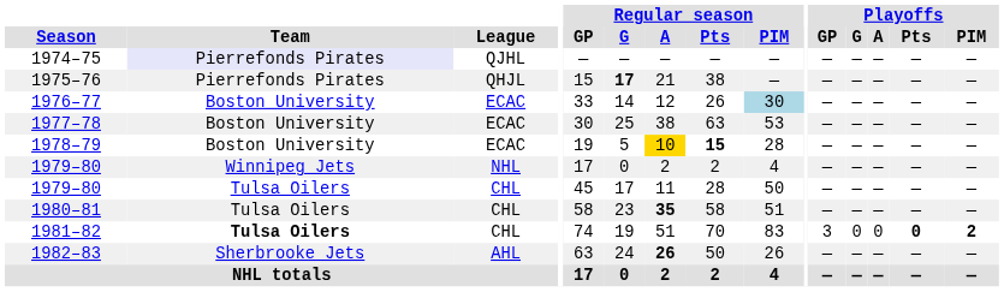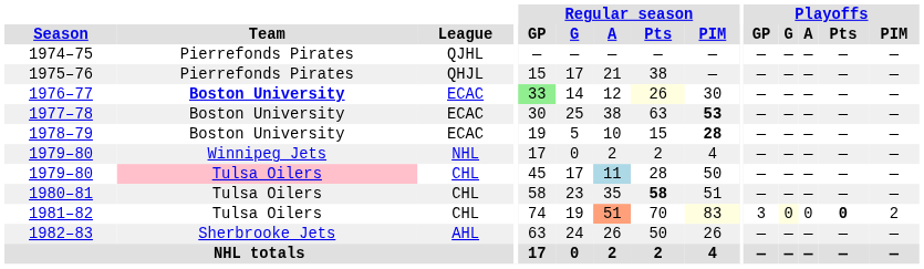 <table border="0" cellpadding="1" cellspacing="0" style="text-align:center; width:60em">
 <tr bgcolor="#e0e0e0">
 <th colspan="3" bgcolor="#ffffff"></th>
 <th rowspan="100" bgcolor="#ffffff"></th>
 <th colspan="5"><a href='#'>Regular season</a></th>
 <th rowspan="100" bgcolor="#ffffff"></th>
 <th colspan="5"><a href='#'>Playoffs</a></th>
 </tr>
 <tr bgcolor="#e0e0e0">
 <th><a href='#'>Season</a></th>
 <th>Team</th>
 <th>League</th>
 <th>GP</th>
 <th><a href='#'>G</a></th>
 <th><a href='#'>A</a></th>
 <th><a href='#'>Pts</a></th>
 <th><a href='#'>PIM</a></th>
 <th>GP</th>
 <th>G</th>
 <th>A</th>
 <th>Pts</th>
 <th>PIM</th>
 </tr>
 <tr>
 <td>1974–75</td>
-<td style="background: lavender;">Pierrefonds Pirates</td>
+<td>Pierrefonds Pirates</td>
 <td>QJHL</td>
 <td>—</td>
 <td>—</td>
 <td>—</td>
 <td>—</td>
 <td>—</td>
 <td>—</td>
 <td>—</td>
 <td>—</td>
 <td>—</td>
 <td>—</td>
 </tr>
 <tr bgcolor="#f0f0f0">
 <td>1975–76</td>
 <td>Pierrefonds Pirates</td>
 <td>QHJL</td>
 <td>15</td>
-<td><strong>17</strong></td>
+<td>17</td>
 <td>21</td>
 <td>38</td>
 <td>—</td>
 <td>—</td>
 <td>—</td>
 <td>—</td>
 <td>—</td>
 <td>—</td>
 </tr>
 <tr>
 <td><a href='#'>1976–77</a></td>
-<td><a href='#'>Boston University</a></td>
+<td><strong><a href='#'>Boston University</a></strong></td>
 <td><a href='#'>ECAC</a></td>
-<td>33</td>
+<td style="background: lightgreen;">33</td>
 <td>14</td>
 <td>12</td>
-<td>26</td>
-<td style="background: lightblue;">30</td>
+<td style="background: lightyellow;">26</td>
+<td>30</td>
 <td>—</td>
 <td>—</td>
 <td>—</td>
 <td>—</td>
 <td>—</td>
 </tr>
 <tr bgcolor="#f0f0f0">
 <td><a href='#'>1977–78</a></td>
 <td>Boston University</td>
 <td>ECAC</td>
 <td>30</td>
 <td>25</td>
 <td>38</td>
 <td>63</td>
-<td>53</td>
+<td><strong>53</strong></td>
 <td>—</td>
 <td>—</td>
 <td>—</td>
 <td>—</td>
 <td>—</td>
 </tr>
 <tr>
 <td><a href='#'>1978–79</a></td>
 <td>Boston University</td>
 <td>ECAC</td>
 <td>19</td>
 <td>5</td>
-<td style="background: gold;">10</td>
-<td><strong>15</strong></td>
-<td>28</td>
+<td>10</td>
+<td>15</td>
+<td><strong>28</strong></td>
 <td>—</td>
 <td>—</td>
 <td>—</td>
 <td>—</td>
 <td>—</td>
 </tr>
 <tr bgcolor="#f0f0f0">
 <td><a href='#'>1979–80</a></td>
 <td><a href='#'>Winnipeg Jets</a></td>
 <td><a href='#'>NHL</a></td>
 <td>17</td>
 <td>0</td>
 <td>2</td>
 <td>2</td>
 <td>4</td>
 <td>—</td>
 <td>—</td>
 <td>—</td>
 <td>—</td>
 <td>—</td>
 </tr>
 <tr>
 <td><a href='#'>1979–80</a></td>
-<td><a href='#'>Tulsa Oilers</a></td>
+<td style="background: pink;"><a href='#'>Tulsa Oilers</a></td>
 <td><a href='#'>CHL</a></td>
 <td>45</td>
 <td>17</td>
-<td>11</td>
+<td style="background: lightblue;">11</td>
 <td>28</td>
 <td>50</td>
 <td>—</td>
 <td>—</td>
 <td>—</td>
 <td>—</td>
 <td>—</td>
 </tr>
 <tr bgcolor="#f0f0f0">
 <td><a href='#'>1980–81</a></td>
 <td>Tulsa Oilers</td>
 <td>CHL</td>
 <td>58</td>
 <td>23</td>
-<td><strong>35</strong></td>
-<td>58</td>
+<td>35</td>
+<td><strong>58</strong></td>
 <td>51</td>
 <td>—</td>
 <td>—</td>
 <td>—</td>
 <td>—</td>
 <td>—</td>
 </tr>
 <tr>
 <td><a href='#'>1981–82</a></td>
-<td><strong>Tulsa Oilers</strong></td>
+<td>Tulsa Oilers</td>
 <td>CHL</td>
 <td>74</td>
 <td>19</td>
-<td>51</td>
+<td style="background: lightsalmon;">51</td>
 <td>70</td>
-<td>83</td>
+<td style="background: lightyellow;">83</td>
 <td>3</td>
-<td>0</td>
+<td style="background: lightyellow;">0</td>
 <td>0</td>
 <td><strong>0</strong></td>
-<td><strong>2</strong></td>
+<td>2</td>
 </tr>
 <tr bgcolor="#f0f0f0">
 <td><a href='#'>1982–83</a></td>
 <td><a href='#'>Sherbrooke Jets</a></td>
 <td><a href='#'>AHL</a></td>
 <td>63</td>
 <td>24</td>
-<td><strong>26</strong></td>
+<td>26</td>
 <td>50</td>
 <td>26</td>
 <td>—</td>
 <td>—</td>
 <td>—</td>
 <td>—</td>
 <td>—</td>
 </tr>
 <tr bgcolor="#e0e0e0">
 <th colspan="3">NHL totals</th>
 <th>17</th>
 <th>0</th>
 <th>2</th>
 <th>2</th>
 <th>4</th>
 <th>—</th>
 <th>—</th>
 <th>—</th>
 <th>—</th>
 <th>—</th>
 </tr>
 </table>
